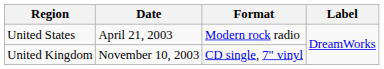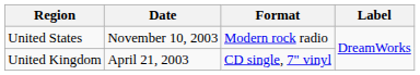 <table class="wikitable">
 <tr>
 <th>Region</th>
 <th>Date</th>
 <th>Format</th>
 <th>Label</th>
 </tr>
 <tr>
 <td>United States</td>
-<td>April 21, 2003</td>
+<td>November 10, 2003</td>
 <td><a href='#'>Modern rock</a> radio</td>
 <td rowspan="2"><a href='#'>DreamWorks</a></td>
 </tr>
 <tr>
 <td>United Kingdom</td>
-<td>November 10, 2003</td>
+<td>April 21, 2003</td>
 <td><a href='#'>CD single</a>, <a href='#'>7" vinyl</a></td>
 </tr>
 </table>
